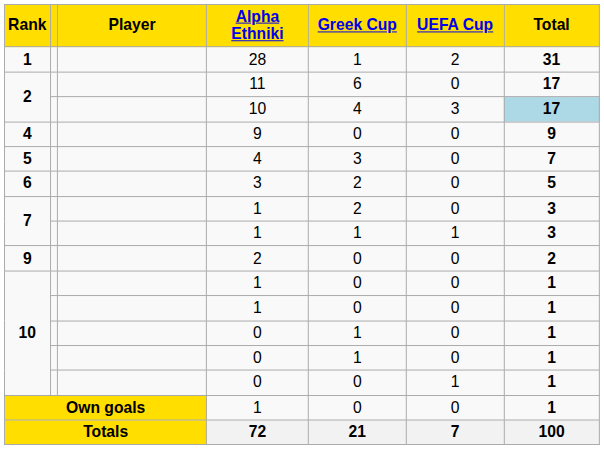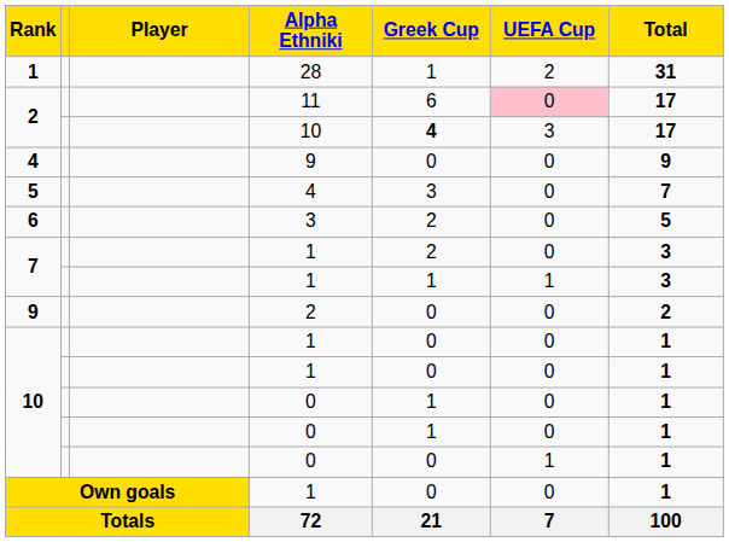 <table class="wikitable sortable" style="text-align: center">
 <tr>
 <th style="background:#FFDE00">Rank</th>
 <th style="background:#FFDE00"></th>
 <th width=200 style="background:#FFDE00">Player</th>
 <th width=120 style="background:#FFDE00"><a href='#'>Alpha Ethniki</a></th>
 <th width=120 style="background:#FFDE00"><a href='#'>Greek Cup</a></th>
 <th width=120 style="background:#FFDE00"><a href='#'>UEFA Cup</a></th>
 <th width=120 style="background:#FFDE00">Total</th>
 </tr>
 <tr>
 <td><strong>1</strong></td>
 <td></td>
 <td align=left></td>
 <td>28</td>
 <td>1</td>
 <td>2</td>
 <td><strong>31</strong></td>
 </tr>
 <tr>
 <td rowspan=2><strong>2</strong></td>
 <td></td>
 <td align=left></td>
 <td>11</td>
 <td>6</td>
-<td>0</td>
+<td style="background: pink;">0</td>
 <td><strong>17</strong></td>
 </tr>
 <tr>
 <td></td>
 <td align=left></td>
 <td>10</td>
-<td>4</td>
+<td><strong>4</strong></td>
 <td>3</td>
-<td style="background: lightblue;"><strong>17</strong></td>
+<td><strong>17</strong></td>
 </tr>
 <tr>
 <td><strong>4</strong></td>
 <td></td>
 <td align=left></td>
 <td>9</td>
 <td>0</td>
 <td>0</td>
 <td><strong>9</strong></td>
 </tr>
 <tr>
 <td><strong>5</strong></td>
 <td></td>
 <td align=left></td>
 <td>4</td>
 <td>3</td>
 <td>0</td>
 <td><strong>7</strong></td>
 </tr>
 <tr>
 <td><strong>6</strong></td>
 <td></td>
 <td align=left></td>
 <td>3</td>
 <td>2</td>
 <td>0</td>
 <td><strong>5</strong></td>
 </tr>
 <tr>
 <td rowspan=2><strong>7</strong></td>
 <td></td>
 <td align=left></td>
 <td>1</td>
 <td>2</td>
 <td>0</td>
 <td><strong>3</strong></td>
 </tr>
 <tr>
 <td></td>
 <td align=left></td>
 <td>1</td>
 <td>1</td>
 <td>1</td>
 <td><strong>3</strong></td>
 </tr>
 <tr>
 <td><strong>9</strong></td>
 <td></td>
 <td align=left></td>
 <td>2</td>
 <td>0</td>
 <td>0</td>
 <td><strong>2</strong></td>
 </tr>
 <tr>
 <td rowspan=5><strong>10</strong></td>
 <td></td>
 <td align=left></td>
 <td>1</td>
 <td>0</td>
 <td>0</td>
 <td><strong>1</strong></td>
 </tr>
 <tr>
 <td></td>
 <td align=left></td>
 <td>1</td>
 <td>0</td>
 <td>0</td>
 <td><strong>1</strong></td>
 </tr>
 <tr>
 <td></td>
 <td align=left></td>
 <td>0</td>
 <td>1</td>
 <td>0</td>
 <td><strong>1</strong></td>
 </tr>
 <tr>
 <td></td>
 <td align=left></td>
 <td>0</td>
 <td>1</td>
 <td>0</td>
 <td><strong>1</strong></td>
 </tr>
 <tr>
 <td></td>
 <td align=left></td>
 <td>0</td>
 <td>0</td>
 <td>1</td>
 <td><strong>1</strong></td>
 </tr>
 <tr class="sortbottom">
 <td colspan=3 style="background:#FFDE00"><strong>Own goals</strong></td>
 <td>1</td>
 <td>0</td>
 <td>0</td>
 <td><strong>1</strong></td>
 </tr>
 <tr class="sortbottom">
 <th colspan=3 style="background:#FFDE00"><strong>Totals</strong></th>
 <th><strong> 72</strong></th>
 <th><strong> 21</strong></th>
 <th><strong>  7</strong></th>
 <th><strong>100</strong></th>
 </tr>
 </table>
